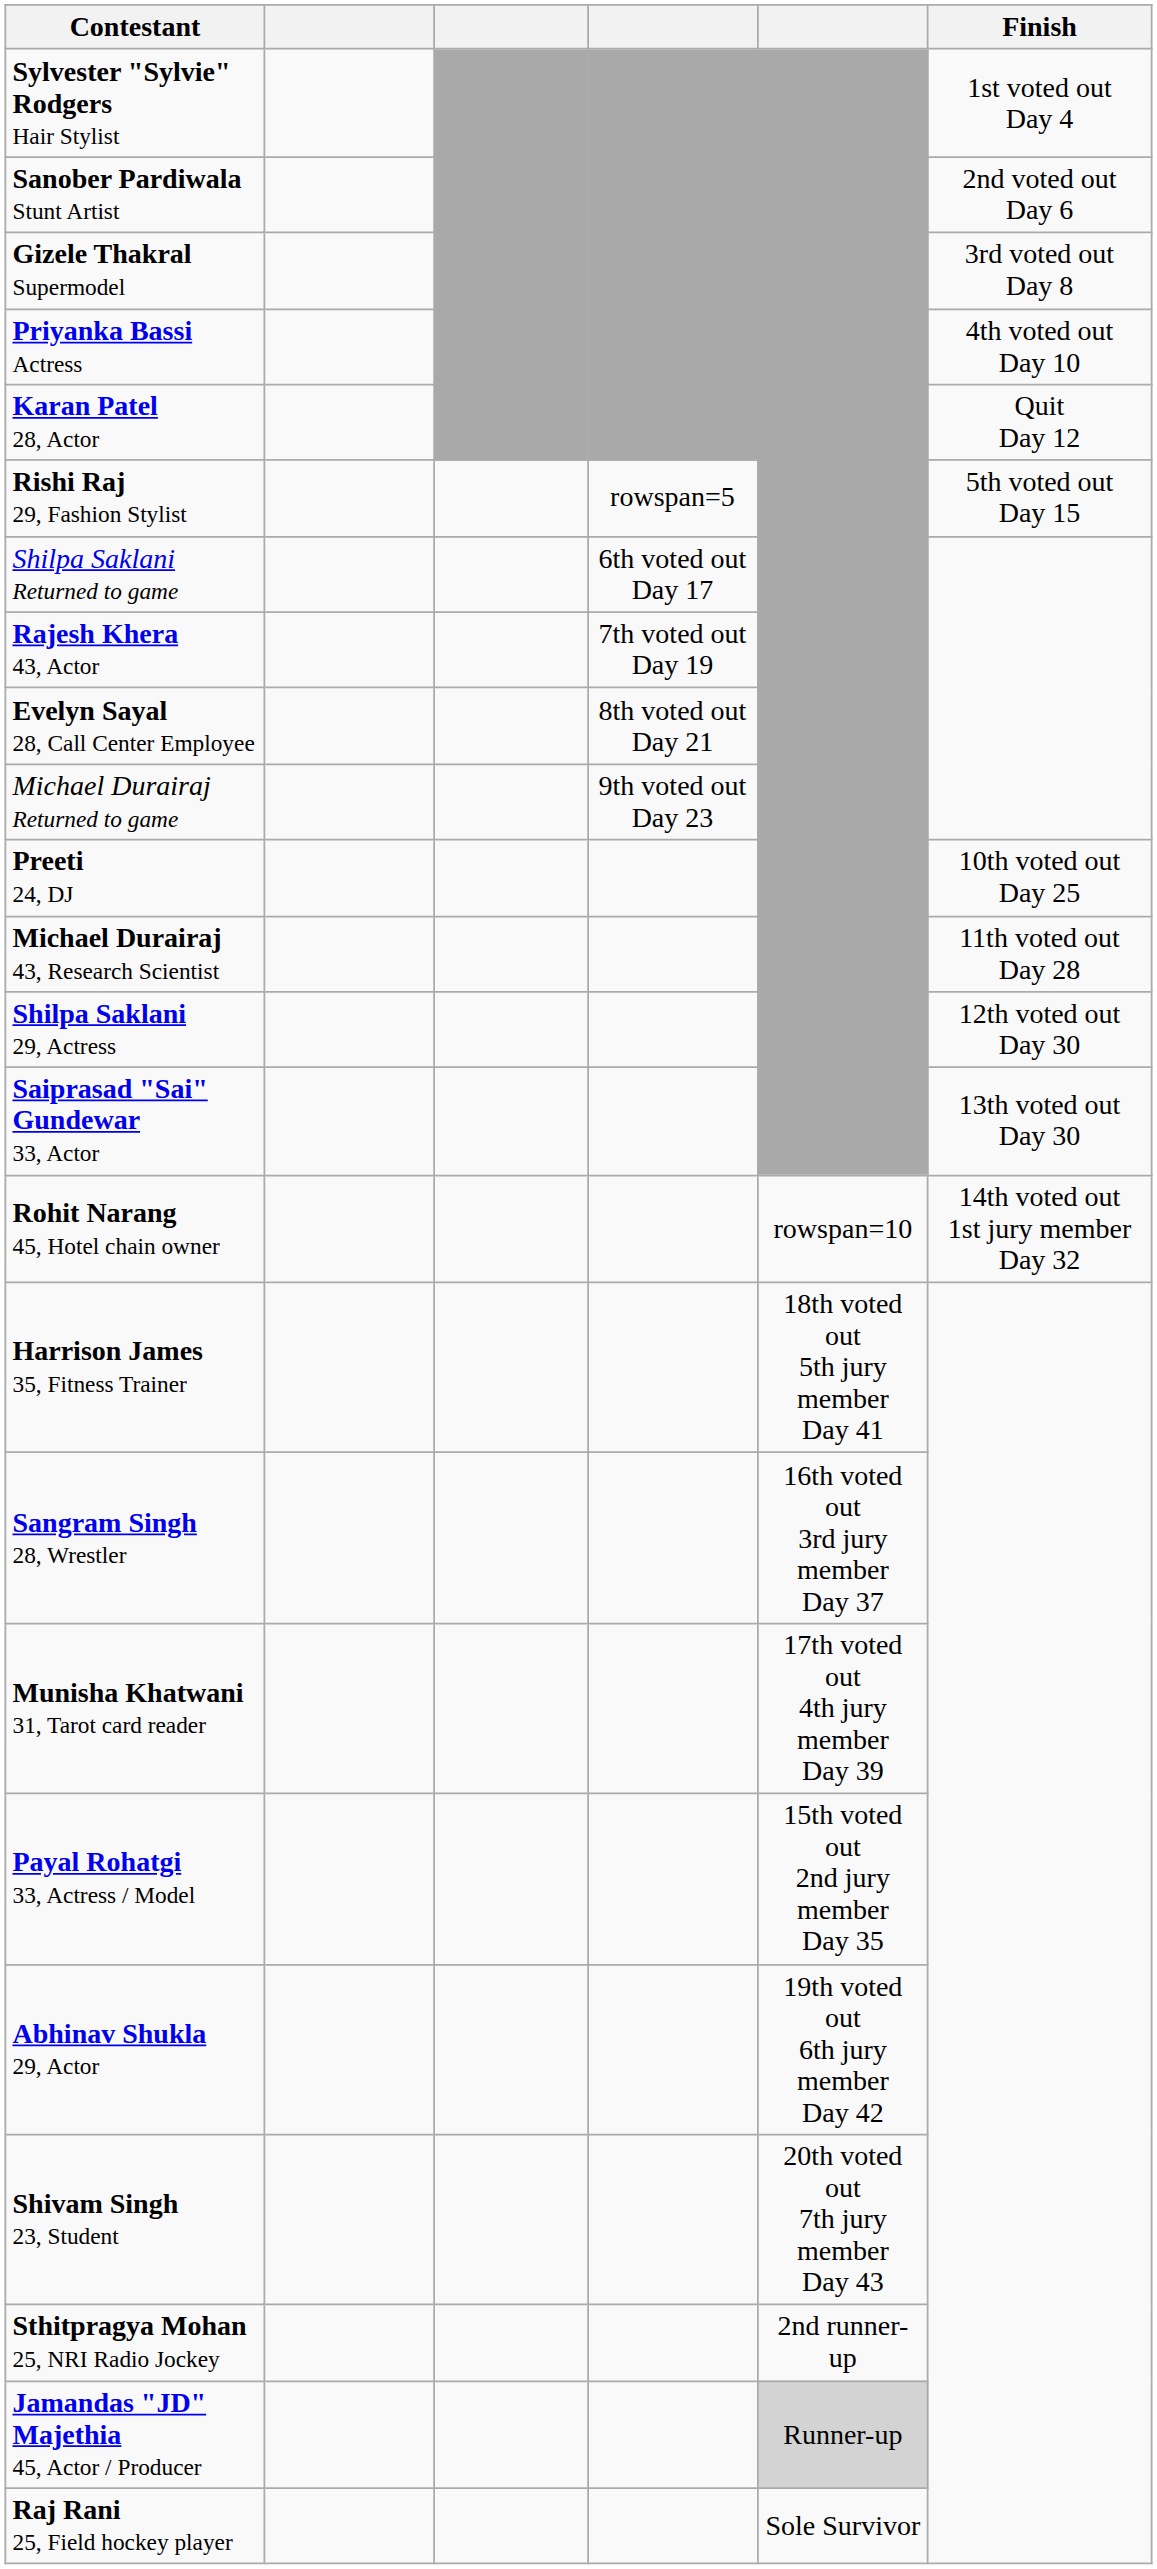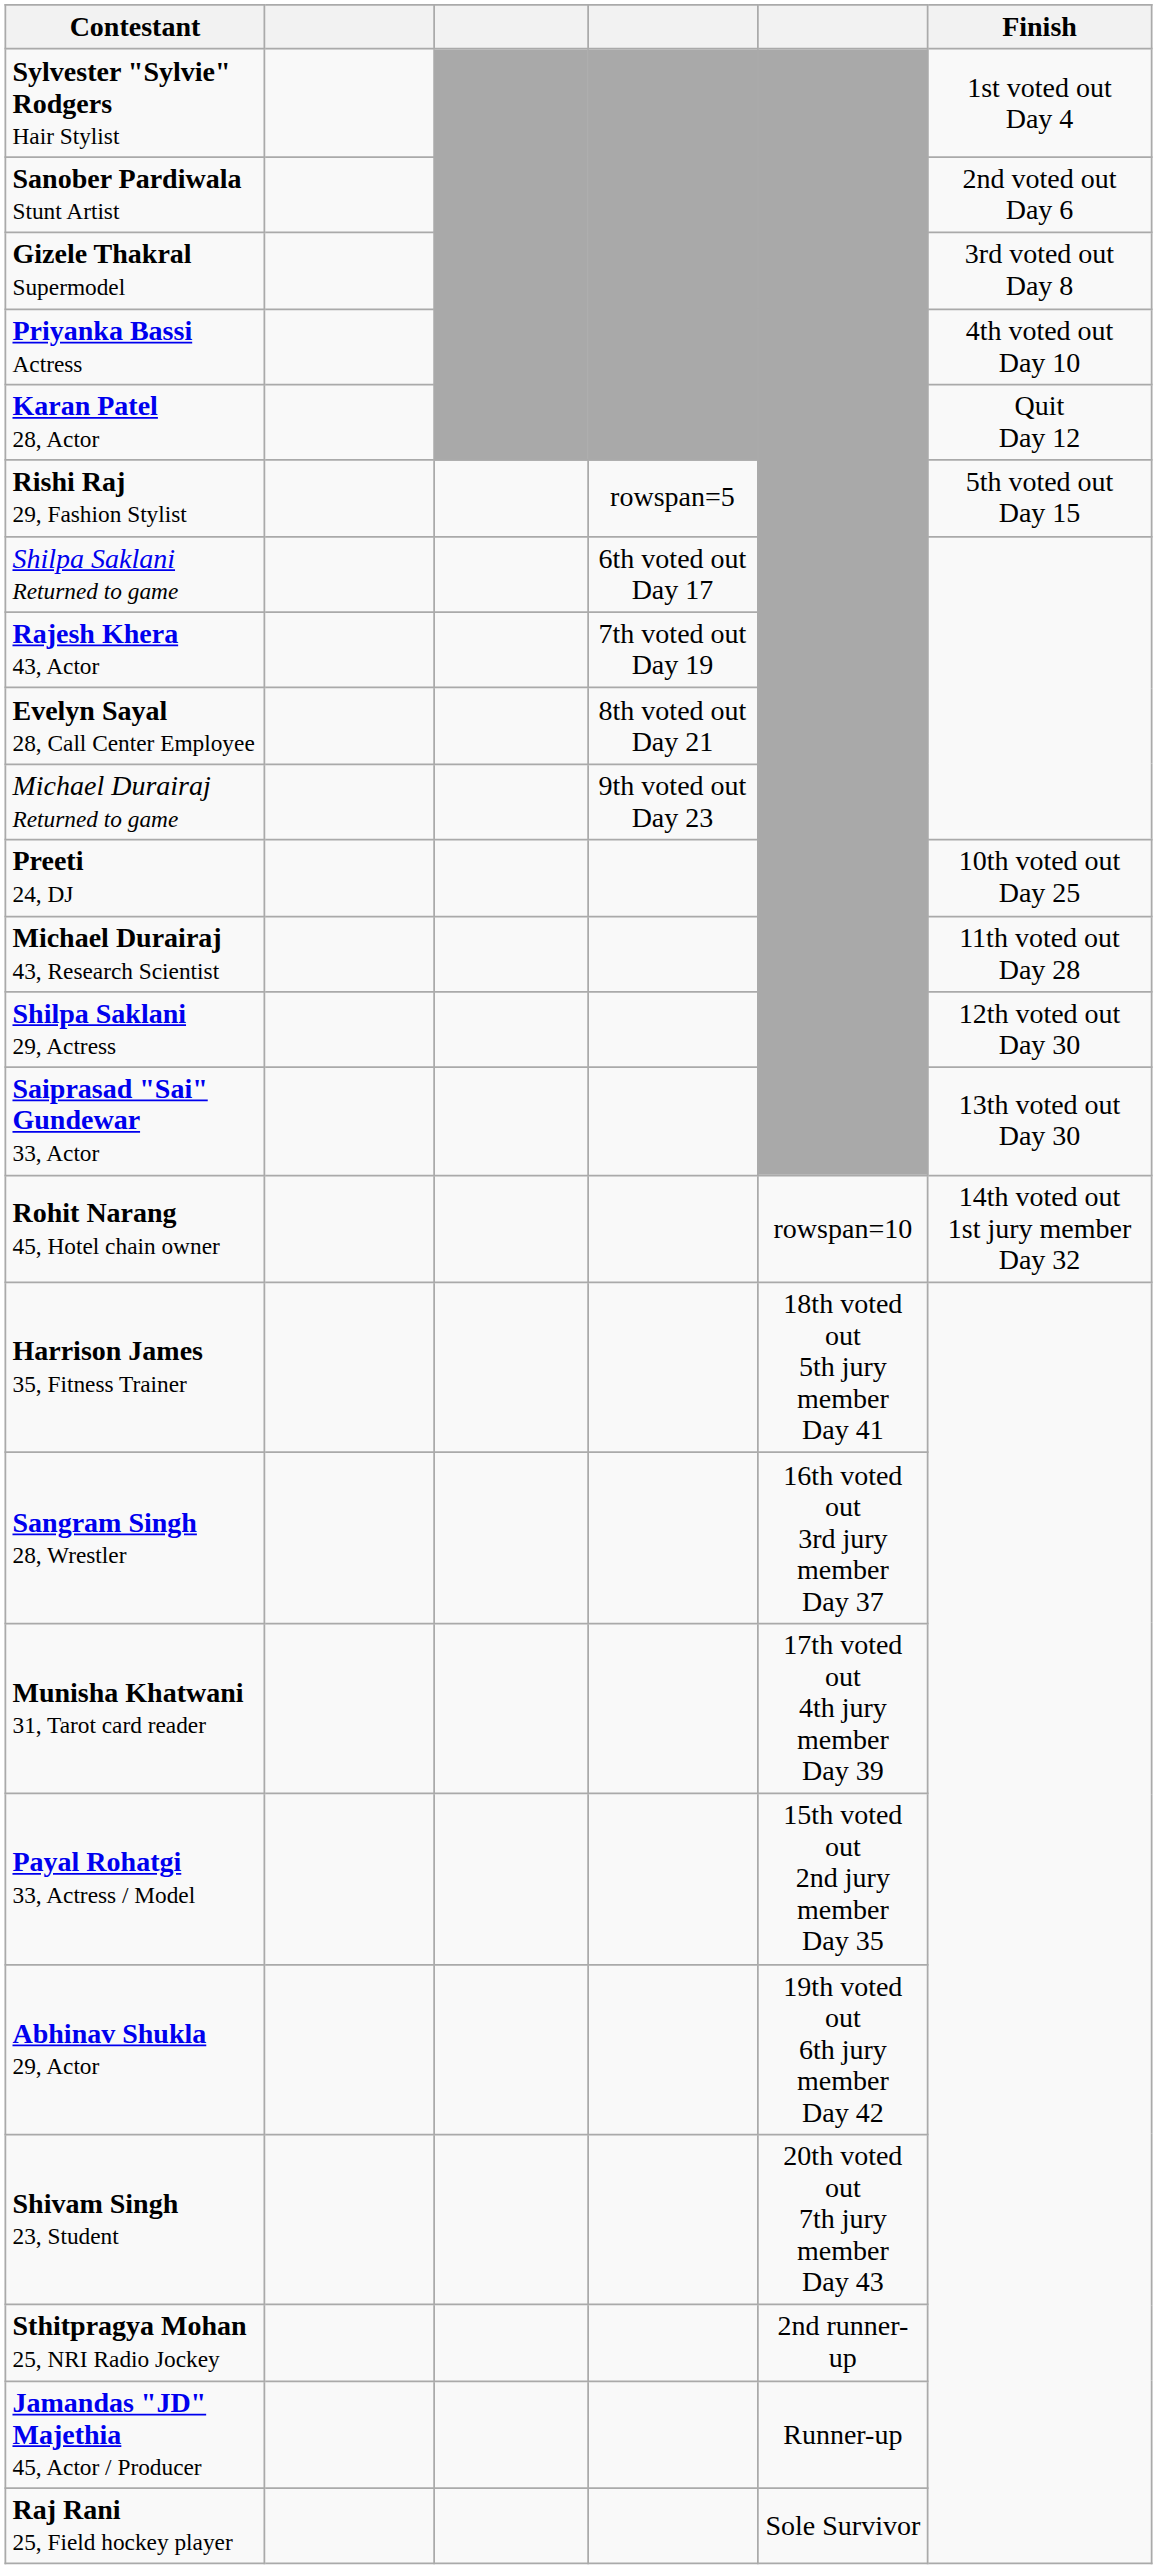 <table class="wikitable" style="margin:auto; text-align:center">
 <tr>
 <th width="140">Contestant</th>
 <th width="90"></th>
 <th width="80"></th>
 <th width="90"></th>
 <th width="90"></th>
 <th width="120">Finish</th>
 </tr>
 <tr>
 <td align="left"><strong>Sylvester "Sylvie" Rodgers</strong><br><small>Hair Stylist</small></td>
 <td></td>
 <td rowspan=5 bgcolor="darkgray"></td>
 <td rowspan=5 bgcolor="darkgray"></td>
 <td rowspan=14 bgcolor="darkgray"></td>
 <td>1st voted out<br>Day 4</td>
 </tr>
 <tr>
 <td align="left"><strong>Sanober Pardiwala</strong><br><small>Stunt Artist</small></td>
 <td></td>
 <td>2nd voted out<br>Day 6</td>
 </tr>
 <tr>
 <td align="left"><strong>Gizele Thakral</strong><br><small>Supermodel</small></td>
 <td></td>
 <td>3rd voted out<br>Day 8</td>
 </tr>
 <tr>
 <td align="left"><strong><a href='#'>Priyanka Bassi</a></strong><br><small>Actress</small></td>
 <td></td>
 <td>4th voted out<br>Day 10</td>
 </tr>
 <tr>
 <td align="left"><strong><a href='#'>Karan Patel</a></strong><br><small>28, Actor</small></td>
 <td></td>
 <td>Quit<br>Day 12</td>
 </tr>
 <tr>
 <td align="left"><strong>Rishi Raj</strong><br><small>29, Fashion Stylist</small></td>
 <td></td>
 <td></td>
 <td>rowspan=5 </td>
 <td>5th voted out<br> Day 15</td>
 </tr>
 <tr>
 <td align="left"><em><a href='#'>Shilpa Saklani</a></em><br><small><em>Returned to game</em></small></td>
 <td></td>
 <td></td>
 <td>6th voted out<br> Day 17</td>
 </tr>
 <tr>
 <td align="left"><strong><a href='#'>Rajesh Khera</a></strong><br><small>43, Actor</small></td>
 <td></td>
 <td></td>
 <td>7th voted out<br>Day 19</td>
 </tr>
 <tr>
 <td align="left"><strong>Evelyn Sayal</strong><br><small>28, Call Center Employee</small></td>
 <td></td>
 <td></td>
 <td>8th voted out<br> Day 21</td>
 </tr>
 <tr>
 <td align="left"><em>Michael Durairaj</em><br><small><em>Returned to game</em></small></td>
 <td></td>
 <td></td>
 <td>9th voted out<br> Day 23</td>
 </tr>
 <tr>
 <td align="left"><strong>Preeti</strong><br><small>24, DJ</small></td>
 <td></td>
 <td></td>
 <td></td>
 <td>10th voted out<br> Day 25</td>
 </tr>
 <tr>
 <td align="left"><strong>Michael Durairaj</strong><br><small>43, Research Scientist</small></td>
 <td></td>
 <td></td>
 <td></td>
 <td>11th voted out<br> Day 28</td>
 </tr>
 <tr>
 <td align="left"><strong><a href='#'>Shilpa Saklani</a></strong><br><small>29, Actress</small></td>
 <td></td>
 <td></td>
 <td></td>
 <td>12th voted out<br> Day 30</td>
 </tr>
 <tr>
 <td align="left"><strong><a href='#'>Saiprasad "Sai" Gundewar</a></strong><br><small>33, Actor</small></td>
 <td></td>
 <td></td>
 <td></td>
 <td>13th voted out<br> Day 30</td>
 </tr>
 <tr>
 <td align="left"><strong>Rohit Narang</strong><br><small>45, Hotel chain owner</small></td>
 <td></td>
 <td></td>
 <td></td>
 <td>rowspan=10 </td>
 <td>14th voted out<br>1st jury member<br> Day 32</td>
 </tr>
 <tr>
 <td align="left"><strong>Harrison James</strong><br><small>35, Fitness Trainer</small></td>
 <td></td>
 <td></td>
 <td></td>
 <td>18th voted out<br>5th jury member<br> Day 41</td>
 </tr>
 <tr>
 <td align="left"><strong><a href='#'>Sangram Singh</a></strong><br><small>28, Wrestler</small></td>
 <td></td>
 <td></td>
 <td></td>
 <td>16th voted out<br>3rd jury member<br> Day 37</td>
 </tr>
 <tr>
 <td align="left"><strong>Munisha Khatwani</strong><br><small>31, Tarot card reader</small></td>
 <td></td>
 <td></td>
 <td></td>
 <td>17th voted out<br>4th jury member<br> Day 39</td>
 </tr>
 <tr>
 <td align="left"><strong><a href='#'>Payal Rohatgi</a></strong><br><small>33, Actress / Model</small></td>
 <td></td>
 <td></td>
 <td></td>
 <td>15th voted out<br>2nd jury member<br> Day 35</td>
 </tr>
 <tr>
 <td align="left"><strong><a href='#'>Abhinav Shukla</a></strong><br><small>29, Actor</small></td>
 <td></td>
 <td></td>
 <td></td>
 <td>19th voted out<br>6th jury member<br> Day 42</td>
 </tr>
 <tr>
 <td align="left"><strong>Shivam Singh</strong><br><small>23, Student</small></td>
 <td></td>
 <td></td>
 <td></td>
 <td>20th voted out<br>7th jury member<br> Day 43</td>
 </tr>
 <tr>
 <td align="left"><strong>Sthitpragya Mohan</strong><br><small>25, NRI Radio Jockey</small></td>
 <td></td>
 <td></td>
 <td></td>
 <td>2nd runner-up</td>
 </tr>
 <tr>
 <td align="left"><strong><a href='#'>Jamandas "JD" Majethia</a></strong><br><small>45, Actor / Producer</small></td>
 <td></td>
 <td></td>
 <td></td>
-<td style="background: lightgrey;">Runner-up</td>
+<td>Runner-up</td>
 </tr>
 <tr>
 <td align="left"><strong>Raj Rani</strong><br><small>25, Field hockey player</small></td>
 <td></td>
 <td></td>
 <td></td>
 <td>Sole Survivor</td>
 </tr>
 </table>
